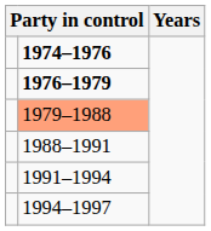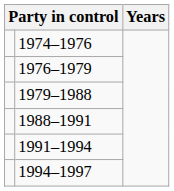 <table class="wikitable">
 <tr>
 <th colspan="2">Party in control</th>
 <th>Years</th>
 </tr>
 <tr>
 <td></td>
-<td><strong>1974–1976</strong></td>
+<td>1974–1976</td>
 </tr>
 <tr>
 <td></td>
-<td><strong>1976–1979</strong></td>
+<td>1976–1979</td>
 </tr>
 <tr>
 <td></td>
-<td style="background: lightsalmon;">1979–1988</td>
+<td>1979–1988</td>
 </tr>
 <tr>
 <td></td>
 <td>1988–1991</td>
 </tr>
 <tr>
 <td></td>
 <td>1991–1994</td>
 </tr>
 <tr>
 <td></td>
 <td>1994–1997</td>
 </tr>
 </table>
